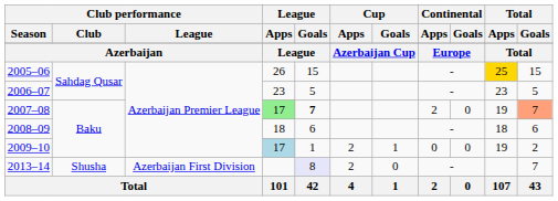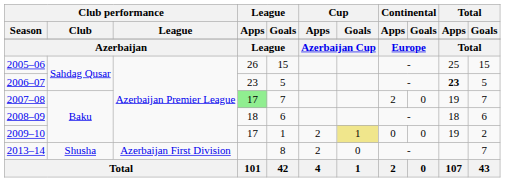 <table class="wikitable">
 <tr>
 <th colspan=3>Club performance</th>
 <th colspan=2>League</th>
 <th colspan=2>Cup</th>
 <th colspan=2>Continental</th>
 <th colspan=2>Total</th>
 </tr>
 <tr>
 <th>Season</th>
 <th>Club</th>
 <th>League</th>
 <th>Apps</th>
 <th>Goals</th>
 <th>Apps</th>
 <th>Goals</th>
 <th>Apps</th>
 <th>Goals</th>
 <th>Apps</th>
 <th>Goals</th>
 </tr>
 <tr>
 </tr>
 <tr>
 <th colspan=3>Azerbaijan</th>
 <th colspan=2>League</th>
 <th colspan=2><a href='#'>Azerbaijan Cup</a></th>
 <th colspan=2><a href='#'>Europe</a></th>
 <th colspan=2>Total</th>
 </tr>
 <tr align=center>
 <td><a href='#'>2005–06</a></td>
 <td rowspan="2"><a href='#'>Sahdag Qusar</a></td>
 <td rowspan="5"><a href='#'>Azerbaijan Premier League</a></td>
 <td>26</td>
 <td>15</td>
 <td></td>
 <td></td>
 <td colspan="2">-</td>
-<td style="background: gold;">25</td>
+<td>25</td>
 <td>15</td>
 </tr>
 <tr align=center>
 <td><a href='#'>2006–07</a></td>
 <td>23</td>
 <td>5</td>
 <td></td>
 <td></td>
 <td colspan="2">-</td>
-<td>23</td>
+<td><strong>23</strong></td>
 <td>5</td>
 </tr>
 <tr align=center>
 <td><a href='#'>2007–08</a></td>
 <td rowspan="3"><a href='#'>Baku</a></td>
 <td style="background: lightgreen;">17</td>
-<td><strong>7</strong></td>
+<td>7</td>
 <td></td>
 <td></td>
 <td>2</td>
 <td>0</td>
 <td>19</td>
-<td style="background: lightsalmon;">7</td>
+<td>7</td>
 </tr>
 <tr align=center>
 <td><a href='#'>2008–09</a></td>
 <td>18</td>
 <td>6</td>
 <td></td>
 <td></td>
 <td colspan="2">-</td>
 <td>18</td>
 <td>6</td>
 </tr>
 <tr align=center>
 <td><a href='#'>2009–10</a></td>
-<td style="background: lightblue;">17</td>
+<td>17</td>
 <td>1</td>
 <td>2</td>
-<td>1</td>
+<td style="background: khaki;">1</td>
 <td>0</td>
 <td>0</td>
 <td>19</td>
 <td>2</td>
 </tr>
 <tr align=center>
 <td><a href='#'>2013–14</a></td>
 <td><a href='#'>Shusha</a></td>
 <td><a href='#'>Azerbaijan First Division</a></td>
 <td></td>
-<td style="background: lavender;">8</td>
+<td>8</td>
 <td>2</td>
 <td>0</td>
 <td colspan="2">-</td>
 <td></td>
 <td>7</td>
 </tr>
 <tr align=center>
 <th colspan="3">Total</th>
 <th>101</th>
 <th>42</th>
 <th>4</th>
 <th>1</th>
 <th>2</th>
 <th>0</th>
 <th>107</th>
 <th>43</th>
 </tr>
 </table>
